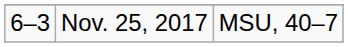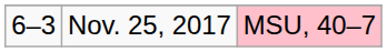 <table class="wikitable">
 <tr align="center">
 </tr>
 <tr align="center">
 <td>6–3</td>
 <td>Nov. 25, 2017</td>
-<td>MSU, 40–7</td>
+<td style="background: pink;">MSU, 40–7</td>
 </tr>
 </table>
